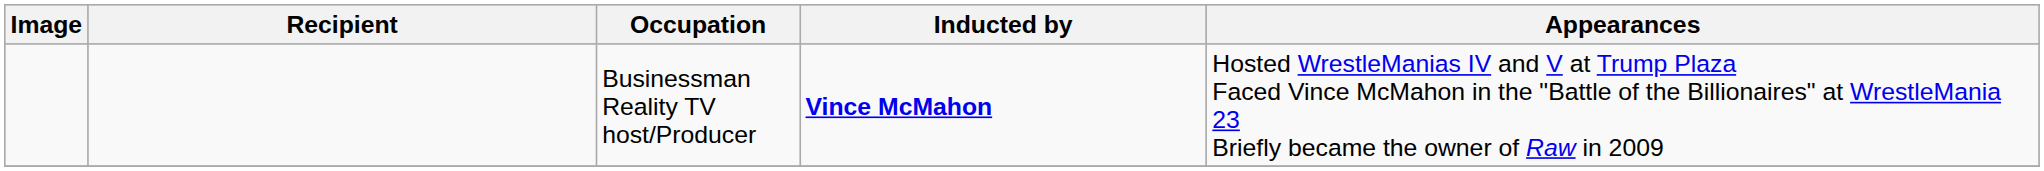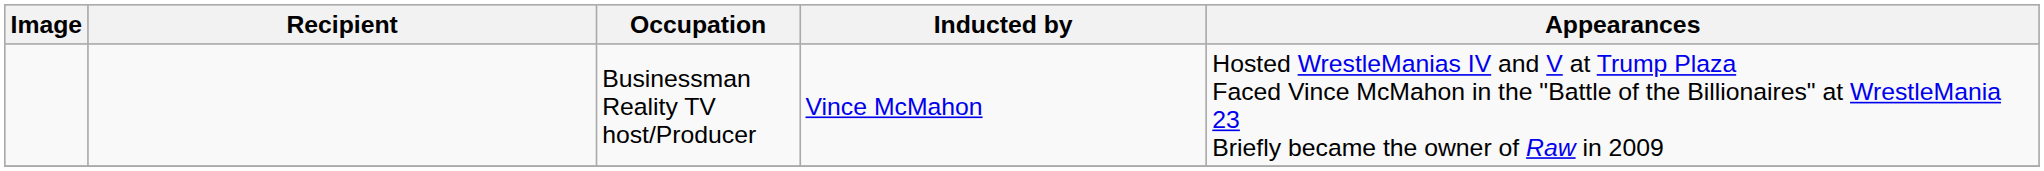 <table class="wikitable" style="font-size: 95%">
 <tr>
 <th class="unsortable">Image</th>
 <th style="width:25%;">Recipient<br></th>
 <th style="width:10%;">Occupation</th>
 <th style="width:20%;">Inducted by</th>
 <th class="unsortable">Appearances</th>
 </tr>
 <tr>
 <td></td>
 <td></td>
 <td>Businessman<br>Reality TV host/Producer</td>
-<td><strong><a href='#'>Vince McMahon</a></strong></td>
+<td><a href='#'>Vince McMahon</a></td>
 <td>Hosted <a href='#'>WrestleManias IV</a> and <a href='#'>V</a> at <a href='#'>Trump Plaza</a><br>Faced Vince McMahon in the "Battle of the Billionaires" at <a href='#'>WrestleMania 23</a><br>Briefly became the owner of <em><a href='#'>Raw</a></em> in 2009<br></td>
 </tr>
 <tr>
 </tr>
 </table>
